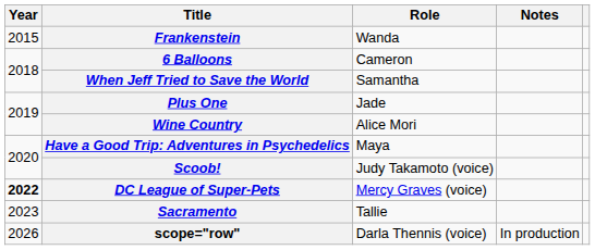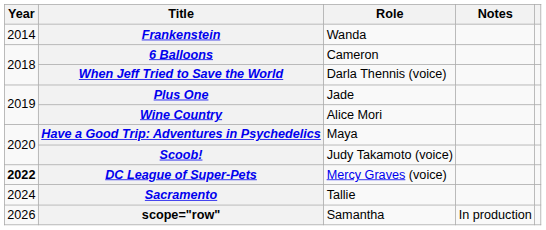 <table class="wikitable sortable plainrowheaders">
 <tr>
 <th scope="col">Year</th>
 <th scope="col">Title</th>
 <th scope="col">Role</th>
 <th scope="col" class="unsortable">Notes</th>
 <th scope="col" class="unsortable"></th>
 </tr>
 <tr>
-<td>2015</td>
+<td>2014</td>
 <th scope="row"><em><a href='#'>Frankenstein</a></em></th>
 <td>Wanda</td>
 <td></td>
 <td style="text-align:center;"></td>
 </tr>
 <tr>
 <td rowspan=2>2018</td>
 <th scope="row"><em><a href='#'>6 Balloons</a></em></th>
 <td>Cameron</td>
 <td></td>
 <td style="text-align:center;"></td>
 </tr>
 <tr>
 <th scope="row"><em><a href='#'>When Jeff Tried to Save the World</a></em></th>
-<td>Samantha</td>
+<td>Darla Thennis (voice)</td>
 <td></td>
 <td style="text-align:center;"></td>
 </tr>
 <tr>
 <td rowspan=2>2019</td>
 <th scope="row"><em><a href='#'>Plus One</a></em></th>
 <td>Jade</td>
 <td></td>
 <td style="text-align:center;"></td>
 </tr>
 <tr>
 <th scope="row"><em><a href='#'>Wine Country</a></em></th>
 <td>Alice Mori</td>
 <td></td>
 <td style="text-align:center;"></td>
 </tr>
 <tr>
 <td rowspan=2>2020</td>
 <th scope="row"><em><a href='#'>Have a Good Trip: Adventures in Psychedelics</a></em></th>
 <td>Maya</td>
 <td></td>
 <td style="text-align:center;"></td>
 </tr>
 <tr>
 <th scope="row"><em><a href='#'>Scoob!</a></em></th>
 <td>Judy Takamoto (voice)</td>
 <td></td>
 <td style="text-align:center;"></td>
 </tr>
 <tr>
 <td><strong>2022</strong></td>
 <th scope="row"><em><a href='#'>DC League of Super-Pets</a></em></th>
 <td><a href='#'>Mercy Graves</a> (voice)</td>
 <td></td>
 <td style="text-align:center;"></td>
 </tr>
 <tr>
-<td>2023</td>
+<td>2024</td>
 <th scope="row"><em><a href='#'>Sacramento</a></em></th>
 <td>Tallie</td>
 <td></td>
 <td style="text-align:center;"></td>
 </tr>
 <tr>
 <td>2026</td>
 <th>scope="row"</th>
-<td>Darla Thennis (voice)</td>
+<td>Samantha</td>
 <td>In production</td>
 <td style="text-align:center;"></td>
 </tr>
 </table>
